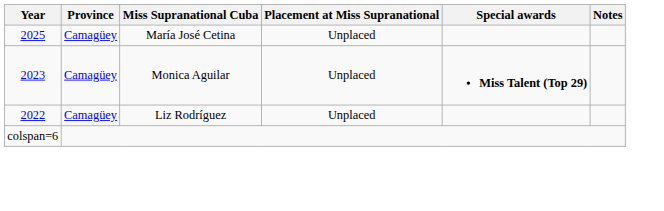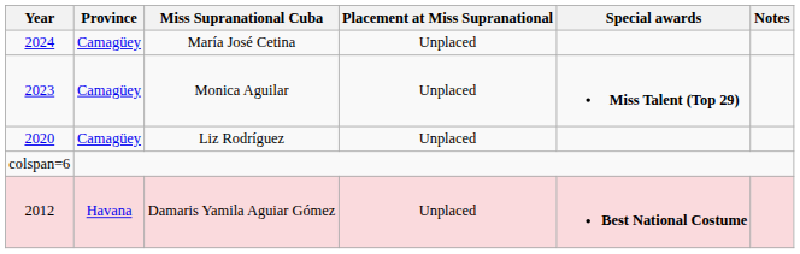 <table class="wikitable " style="font-size: 90%; text-align:center;">
 <tr>
 <th>Year</th>
 <th>Province</th>
 <th>Miss Supranational Cuba</th>
 <th>Placement at Miss Supranational</th>
 <th>Special awards</th>
 <th>Notes</th>
 </tr>
 <tr>
-<td><a href='#'>2025</a></td>
+<td><a href='#'>2024</a></td>
 <td><a href='#'>Camagüey</a></td>
 <td>María José Cetina</td>
 <td>Unplaced</td>
 <td></td>
 <td></td>
 </tr>
 <tr>
 <td><a href='#'>2023</a></td>
 <td><a href='#'>Camagüey</a></td>
 <td>Monica Aguilar</td>
 <td>Unplaced</td>
 <td><strong><br><ul><li>Miss Talent (Top 29)</li></ul></strong></td>
 <td></td>
 </tr>
 <tr>
-<td><a href='#'>2022</a></td>
+<td><a href='#'>2020</a></td>
 <td><a href='#'>Camagüey</a></td>
 <td>Liz Rodríguez</td>
 <td>Unplaced</td>
 <td></td>
 <td></td>
 </tr>
 <tr>
 <td>colspan=6 </td>
 </tr>
+<tr style="background-color:#FADADD">
+<td>2012</td>
+<td><a href='#'>Havana</a></td>
+<td>Damaris Yamila Aguiar Gómez</td>
+<td>Unplaced</td>
+<td align="left"><br><ul><li><strong>Best National Costume</strong></li></ul></td>
+<td></td>
+</tr>
 </table>
